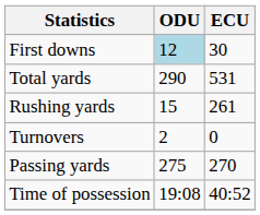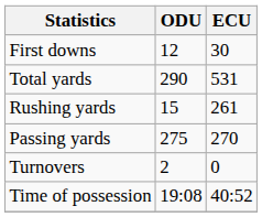 <table class="wikitable" style="float: left;">
 <tr>
 <th>Statistics</th>
 <th>ODU</th>
 <th>ECU</th>
 </tr>
 <tr>
 <td>First downs</td>
-<td style="background: lightblue;">12</td>
+<td>12</td>
 <td>30</td>
 </tr>
 <tr>
 <td>Total yards</td>
 <td>290</td>
 <td>531</td>
 </tr>
 <tr>
 <td>Rushing yards</td>
 <td>15</td>
 <td>261</td>
 </tr>
 <tr>
+<td>Passing yards</td>
+<td>275</td>
+<td>270</td>
+</tr>
+<tr>
 <td>Turnovers</td>
 <td>2</td>
 <td>0</td>
-</tr>
-<tr>
-<td>Passing yards</td>
-<td>275</td>
-<td>270</td>
 </tr>
 <tr>
 <td>Time of possession</td>
 <td>19:08</td>
 <td>40:52</td>
 </tr>
 <tr>
 </tr>
 </table>
